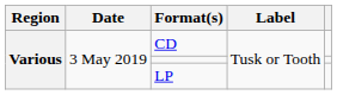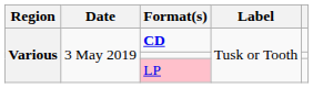 <table class="wikitable plainrowheaders">
 <tr>
 <th scope="col">Region</th>
 <th scope="col">Date</th>
 <th scope="col">Format(s)</th>
 <th scope="col">Label</th>
 <th scope="col"></th>
 </tr>
 <tr>
 <th scope="row" rowspan="3">Various</th>
 <td rowspan="3">3 May 2019</td>
-<td><a href='#'>CD</a></td>
+<td><strong><a href='#'>CD</a></strong></td>
 <td rowspan="3">Tusk or Tooth</td>
 <td style="text-align:center;"></td>
 </tr>
 <tr>
 <td></td>
 <td style="text-align:center;"></td>
 </tr>
 <tr>
-<td><a href='#'>LP</a></td>
+<td style="background: pink;"><a href='#'>LP</a></td>
 <td style="text-align:center;"></td>
 </tr>
 </table>
